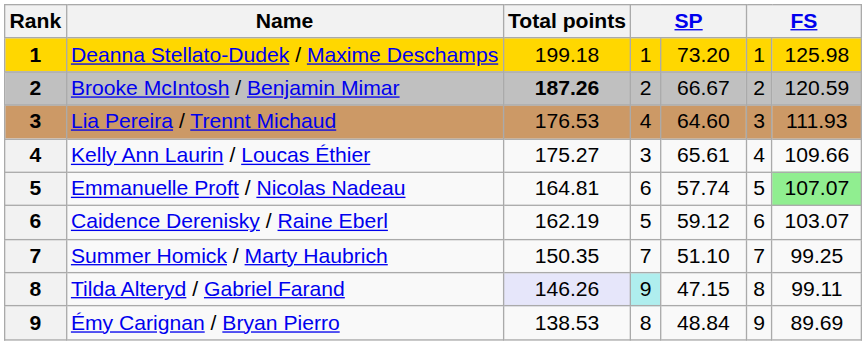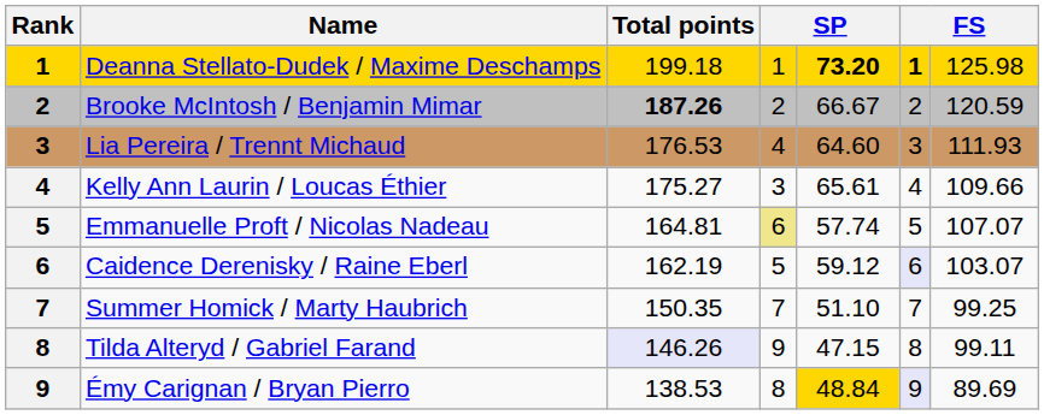 <table class="wikitable sortable">
 <tr>
 <th>Rank</th>
 <th>Name</th>
 <th>Total points</th>
 <th colspan="2" width="80px"><a href='#'>SP</a></th>
 <th colspan="2" width="80px"><a href='#'>FS</a></th>
 </tr>
 <tr bgcolor="gold">
 <td align="center"><strong>1</strong></td>
 <td><a href='#'>Deanna Stellato-Dudek</a> / <a href='#'>Maxime Deschamps</a></td>
 <td align="center">199.18</td>
 <td align="center">1</td>
-<td align="center">73.20</td>
-<td align="center">1</td>
+<td align="center"><strong>73.20</strong></td>
+<td align="center"><strong>1</strong></td>
 <td align="center">125.98</td>
 </tr>
 <tr bgcolor="silver">
 <td align="center"><strong>2</strong></td>
 <td><a href='#'>Brooke McIntosh</a> / <a href='#'>Benjamin Mimar</a></td>
 <td align="center"><strong>187.26</strong></td>
 <td align="center">2</td>
 <td align="center">66.67</td>
 <td align="center">2</td>
 <td align="center">120.59</td>
 </tr>
 <tr bgcolor="cc9966">
 <td align="center"><strong>3</strong></td>
 <td><a href='#'>Lia Pereira</a> / <a href='#'>Trennt Michaud</a></td>
 <td align="center">176.53</td>
 <td align="center">4</td>
 <td align="center">64.60</td>
 <td align="center">3</td>
 <td align="center">111.93</td>
 </tr>
 <tr>
 <th>4</th>
 <td><a href='#'>Kelly Ann Laurin</a> / <a href='#'>Loucas Éthier</a></td>
 <td align="center">175.27</td>
 <td align="center">3</td>
 <td align="center">65.61</td>
 <td align="center">4</td>
 <td align="center">109.66</td>
 </tr>
 <tr>
 <th>5</th>
 <td><a href='#'>Emmanuelle Proft</a> / <a href='#'>Nicolas Nadeau</a></td>
 <td align="center">164.81</td>
-<td align="center">6</td>
+<td align="center" style="background: khaki;">6</td>
 <td align="center">57.74</td>
 <td align="center">5</td>
-<td align="center" style="background: lightgreen;">107.07</td>
+<td align="center">107.07</td>
 </tr>
 <tr>
 <th>6</th>
 <td><a href='#'>Caidence Derenisky</a> / <a href='#'>Raine Eberl</a></td>
 <td align="center">162.19</td>
 <td align="center">5</td>
 <td align="center">59.12</td>
-<td align="center">6</td>
+<td align="center" style="background: lavender;">6</td>
 <td align="center">103.07</td>
 </tr>
 <tr>
 <th>7</th>
 <td><a href='#'>Summer Homick</a> / <a href='#'>Marty Haubrich</a></td>
 <td align="center">150.35</td>
 <td align="center">7</td>
 <td align="center">51.10</td>
 <td align="center">7</td>
 <td align="center">99.25</td>
 </tr>
 <tr>
 <th>8</th>
 <td><a href='#'>Tilda Alteryd</a> / <a href='#'>Gabriel Farand</a></td>
 <td align="center" style="background: lavender;">146.26</td>
-<td align="center" style="background: paleturquoise;">9</td>
+<td align="center">9</td>
 <td align="center">47.15</td>
 <td align="center">8</td>
 <td align="center">99.11</td>
 </tr>
 <tr>
 <th>9</th>
 <td><a href='#'>Émy Carignan</a> / <a href='#'>Bryan Pierro</a></td>
 <td align="center">138.53</td>
 <td align="center">8</td>
-<td align="center">48.84</td>
-<td align="center">9</td>
+<td align="center" style="background: gold;">48.84</td>
+<td align="center" style="background: lavender;">9</td>
 <td align="center">89.69</td>
 </tr>
 </table>
